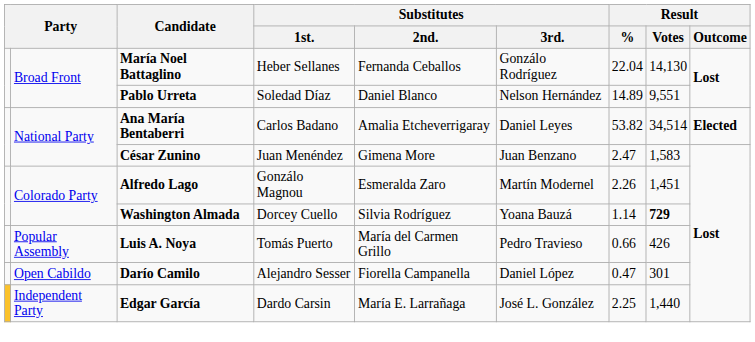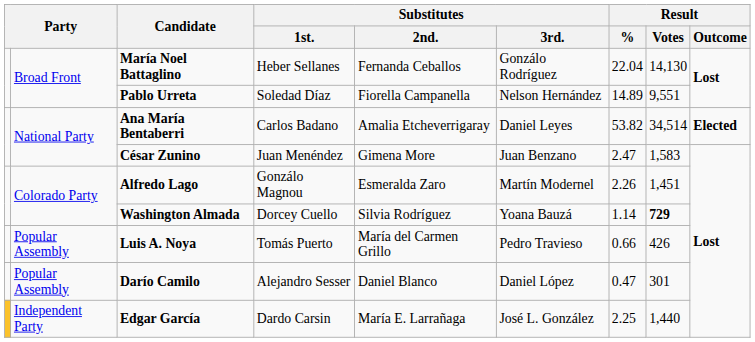 <table class="wikitable">
 <tr>
 <th colspan="2" rowspan="2">Party</th>
 <th rowspan="2">Candidate</th>
 <th colspan="3">Substitutes</th>
 <th colspan="3">Result</th>
 </tr>
 <tr>
 <th>1st.</th>
 <th>2nd.</th>
 <th>3rd.</th>
 <th>%</th>
 <th>Votes</th>
 <th>Outcome</th>
 </tr>
 <tr>
 <td rowspan="2" style="background:"></td>
 <td rowspan="2"><a href='#'>Broad Front</a></td>
 <td><strong>María Noel Battaglino</strong></td>
 <td>Heber Sellanes</td>
 <td>Fernanda Ceballos</td>
 <td>Gonzálo Rodríguez</td>
 <td>22.04</td>
 <td>14,130</td>
 <td rowspan="2"><strong>Lost</strong> </td>
 </tr>
 <tr>
 <td><strong>Pablo Urreta</strong></td>
 <td>Soledad Díaz</td>
-<td>Daniel Blanco</td>
+<td>Fiorella Campanella</td>
 <td>Nelson Hernández</td>
 <td>14.89</td>
 <td>9,551</td>
 </tr>
 <tr>
 <td rowspan="2" style="background:"></td>
 <td rowspan="2"><a href='#'>National Party</a></td>
 <td><strong>Ana María Bentaberri</strong></td>
 <td>Carlos Badano</td>
 <td>Amalia Etcheverrigaray</td>
 <td>Daniel Leyes</td>
 <td>53.82</td>
 <td>34,514</td>
 <td><strong>Elected</strong> </td>
 </tr>
 <tr>
 <td><strong>César Zunino</strong></td>
 <td>Juan Menéndez</td>
 <td>Gimena More</td>
 <td>Juan Benzano</td>
 <td>2.47</td>
 <td>1,583</td>
 <td rowspan="6"><strong>Lost</strong> </td>
 </tr>
 <tr>
 <td rowspan="2" style="background:"></td>
 <td rowspan="2"><a href='#'>Colorado Party</a></td>
 <td><strong>Alfredo Lago</strong></td>
 <td>Gonzálo Magnou</td>
 <td>Esmeralda Zaro</td>
 <td>Martín Modernel</td>
 <td>2.26</td>
 <td>1,451</td>
 </tr>
 <tr>
 <td><strong>Washington Almada</strong></td>
 <td>Dorcey Cuello</td>
 <td>Silvia Rodríguez</td>
 <td>Yoana Bauzá</td>
 <td>1.14</td>
 <td><strong>729</strong></td>
 </tr>
 <tr>
 <td style="background:"></td>
 <td><a href='#'>Popular Assembly</a></td>
 <td><strong>Luis A. Noya</strong></td>
 <td>Tomás Puerto</td>
 <td>María del Carmen Grillo</td>
 <td>Pedro Travieso</td>
 <td>0.66</td>
 <td>426</td>
 </tr>
 <tr>
 <td style="background:"></td>
-<td><a href='#'>Open Cabildo</a></td>
+<td><a href='#'>Popular Assembly</a></td>
 <td><strong>Darío Camilo</strong></td>
 <td>Alejandro Sesser</td>
-<td>Fiorella Campanella</td>
+<td>Daniel Blanco</td>
 <td>Daniel López</td>
 <td>0.47</td>
 <td>301</td>
 </tr>
 <tr>
 <td style="background:#FBC22B"></td>
 <td><a href='#'>Independent Party</a></td>
 <td><strong>Edgar García</strong></td>
 <td>Dardo Carsin</td>
 <td>María E. Larrañaga</td>
 <td>José L. González</td>
 <td>2.25</td>
 <td>1,440</td>
 </tr>
 </table>
